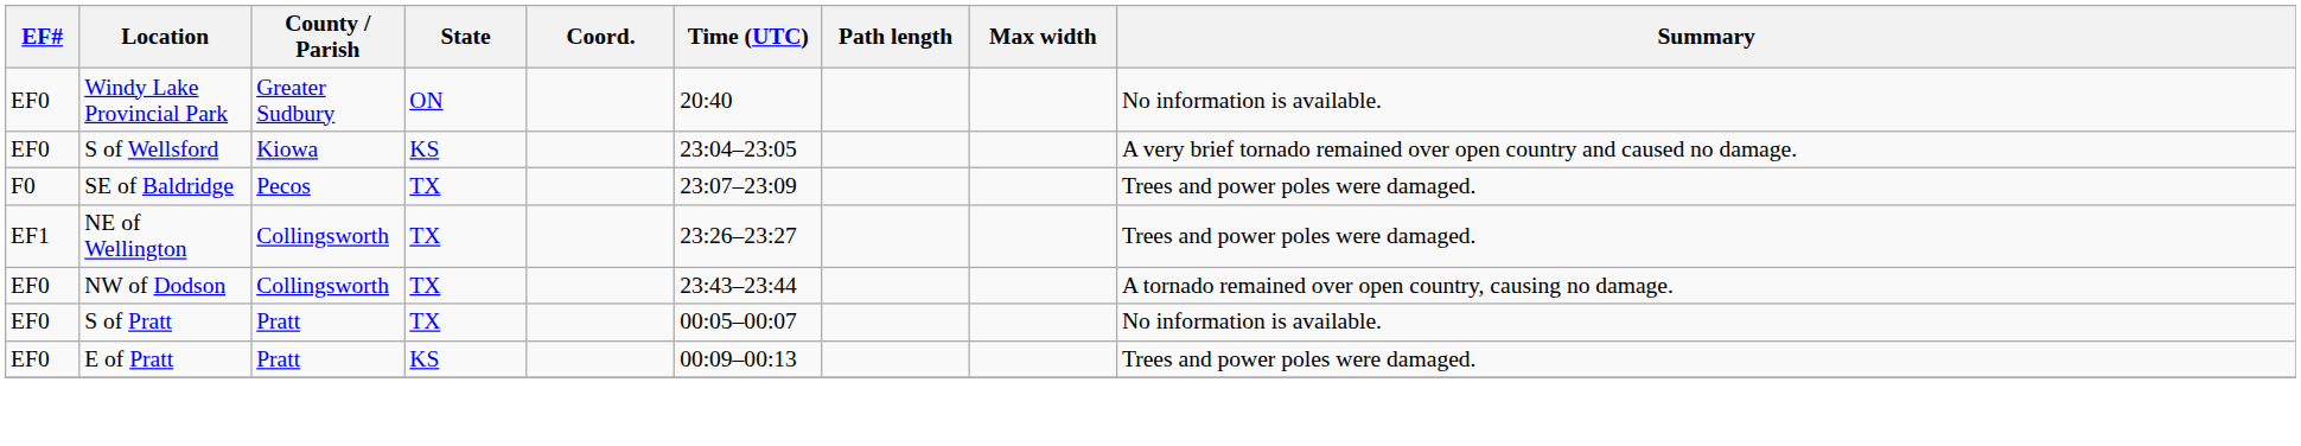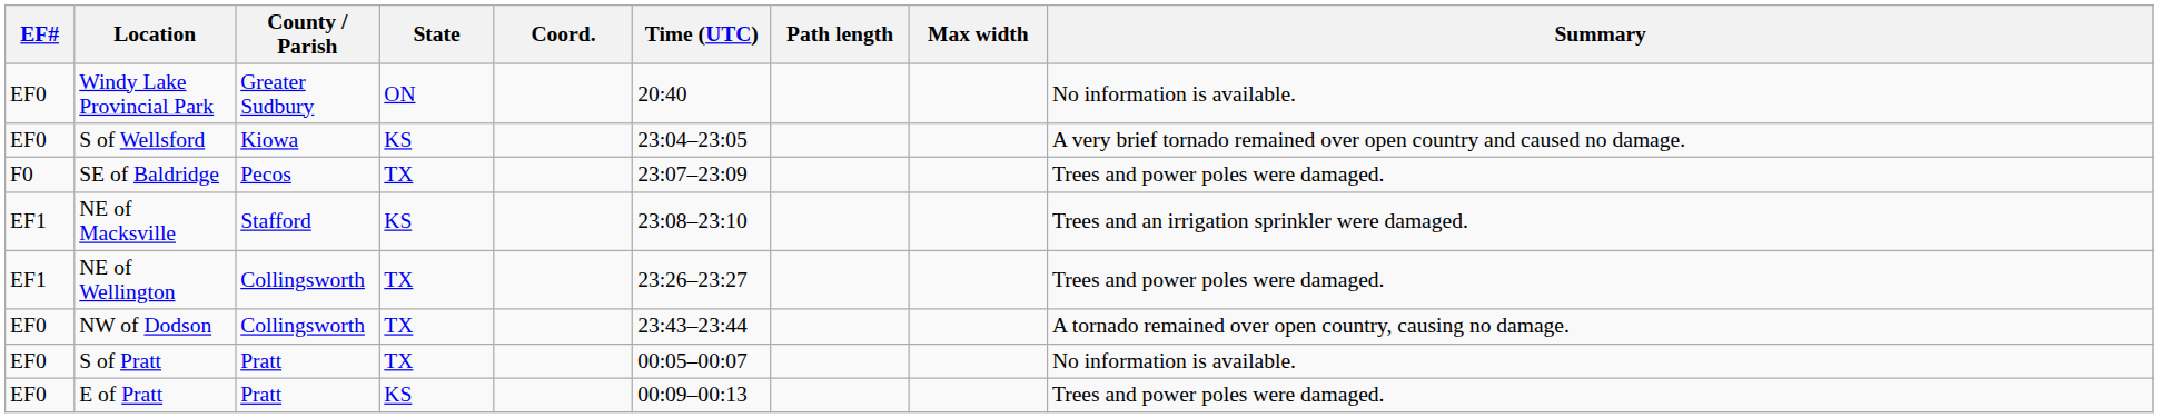 <table class="wikitable sortable" style="width:100%;">
 <tr>
 <th scope="col" width="3%" align="center"><a href='#'>EF#</a></th>
 <th scope="col" width="7%" align="center" class="unsortable">Location</th>
 <th scope="col" width="6%" align="center" class="unsortable">County / Parish</th>
 <th scope="col" width="5%" align="center">State</th>
 <th scope="col" width="6%" align="center">Coord.</th>
 <th scope="col" width="6%" align="center">Time (<a href='#'>UTC</a>)</th>
 <th scope="col" width="6%" align="center">Path length</th>
 <th scope="col" width="6%" align="center">Max width</th>
 <th scope="col" width="48%" class="unsortable" align="center">Summary</th>
 </tr>
 <tr>
 <td>EF0</td>
 <td><a href='#'>Windy Lake Provincial Park</a></td>
 <td><a href='#'>Greater Sudbury</a></td>
 <td><a href='#'>ON</a></td>
 <td></td>
 <td>20:40</td>
 <td></td>
 <td></td>
 <td>No information is available.</td>
 </tr>
 <tr>
 <td>EF0</td>
 <td>S of <a href='#'>Wellsford</a></td>
 <td><a href='#'>Kiowa</a></td>
 <td><a href='#'>KS</a></td>
 <td></td>
 <td>23:04–23:05</td>
 <td></td>
 <td></td>
 <td>A very brief tornado remained over open country and caused no damage.</td>
 </tr>
 <tr>
 <td>F0</td>
 <td>SE of <a href='#'>Baldridge</a></td>
 <td><a href='#'>Pecos</a></td>
 <td><a href='#'>TX</a></td>
 <td></td>
 <td>23:07–23:09</td>
 <td></td>
 <td></td>
 <td>Trees and power poles were damaged.</td>
+</tr>
+<tr>
+<td>EF1</td>
+<td>NE of <a href='#'>Macksville</a></td>
+<td><a href='#'>Stafford</a></td>
+<td><a href='#'>KS</a></td>
+<td></td>
+<td>23:08–23:10</td>
+<td></td>
+<td></td>
+<td>Trees and an irrigation sprinkler were damaged.</td>
 </tr>
 <tr>
 <td>EF1</td>
 <td>NE of <a href='#'>Wellington</a></td>
 <td><a href='#'>Collingsworth</a></td>
 <td><a href='#'>TX</a></td>
 <td></td>
 <td>23:26–23:27</td>
 <td></td>
 <td></td>
 <td>Trees and power poles were damaged.</td>
 </tr>
 <tr>
 <td>EF0</td>
 <td>NW of <a href='#'>Dodson</a></td>
 <td><a href='#'>Collingsworth</a></td>
 <td><a href='#'>TX</a></td>
 <td></td>
 <td>23:43–23:44</td>
 <td></td>
 <td></td>
 <td>A tornado remained over open country, causing no damage.</td>
 </tr>
 <tr>
 <td>EF0</td>
 <td>S of <a href='#'>Pratt</a></td>
 <td><a href='#'>Pratt</a></td>
 <td><a href='#'>TX</a></td>
 <td></td>
 <td>00:05–00:07</td>
 <td></td>
 <td></td>
 <td>No information is available.</td>
 </tr>
 <tr>
 <td>EF0</td>
 <td>E of <a href='#'>Pratt</a></td>
 <td><a href='#'>Pratt</a></td>
 <td><a href='#'>KS</a></td>
 <td></td>
 <td>00:09–00:13</td>
 <td></td>
 <td></td>
 <td>Trees and power poles were damaged.</td>
 </tr>
 <tr>
 </tr>
 </table>
